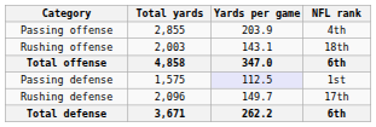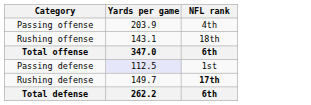 <table class="wikitable" style="text-align:center">
 <tr>
 <th width=150px>Category</th>
-<th width=100px>Total yards</th>
 <th width=110px>Yards per game</th>
 <th width=80px>NFL rank<br></th>
 </tr>
 <tr>
 <td>Passing offense</td>
-<td>2,855</td>
 <td>203.9</td>
 <td>4th</td>
 </tr>
 <tr>
 <td>Rushing offense</td>
-<td>2,003</td>
 <td>143.1</td>
 <td>18th</td>
 </tr>
 <tr>
 <th>Total offense</th>
-<th>4,858</th>
 <th>347.0</th>
 <th>6th</th>
 </tr>
 <tr>
 <td>Passing defense</td>
-<td>1,575</td>
 <td style="background: lavender;">112.5</td>
 <td>1st</td>
 </tr>
 <tr>
 <td>Rushing defense</td>
-<td>2,096</td>
 <td>149.7</td>
-<td>17th</td>
+<td><strong>17th</strong></td>
 </tr>
 <tr>
 <th>Total defense</th>
-<th>3,671</th>
 <th>262.2</th>
 <th>6th</th>
 </tr>
 </table>
